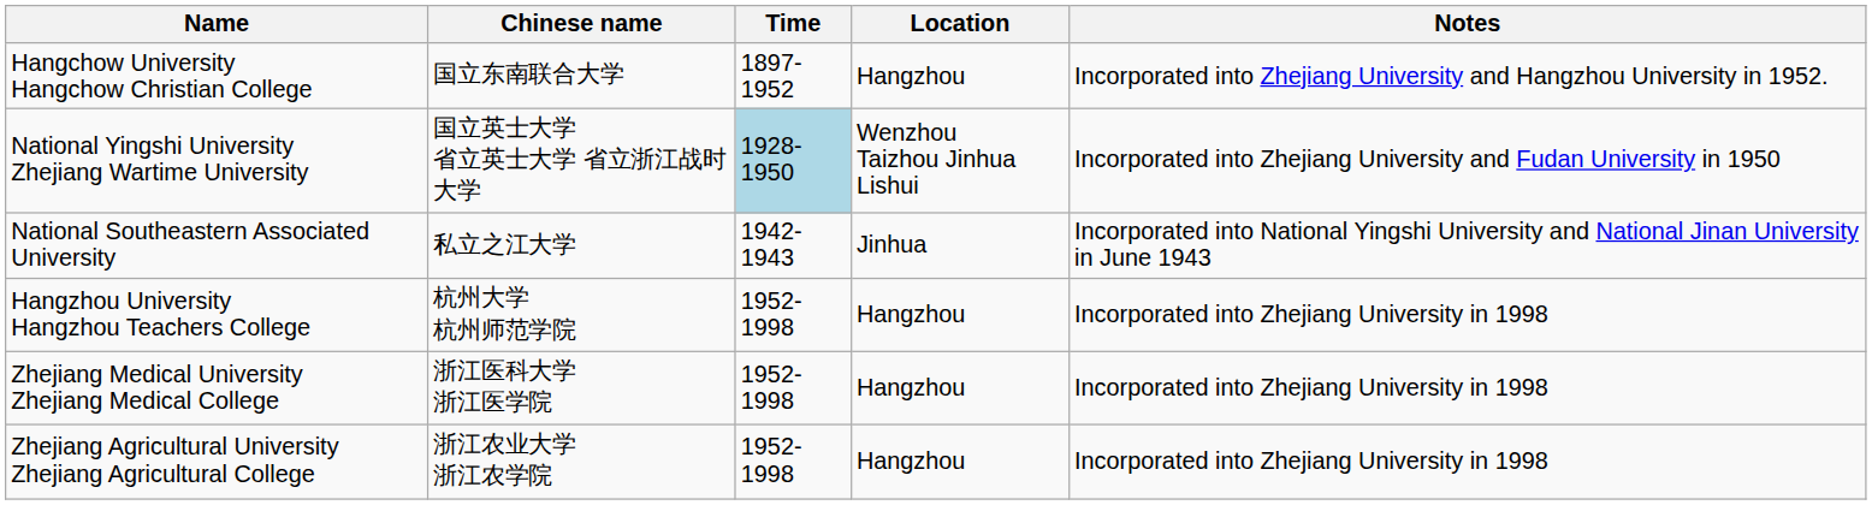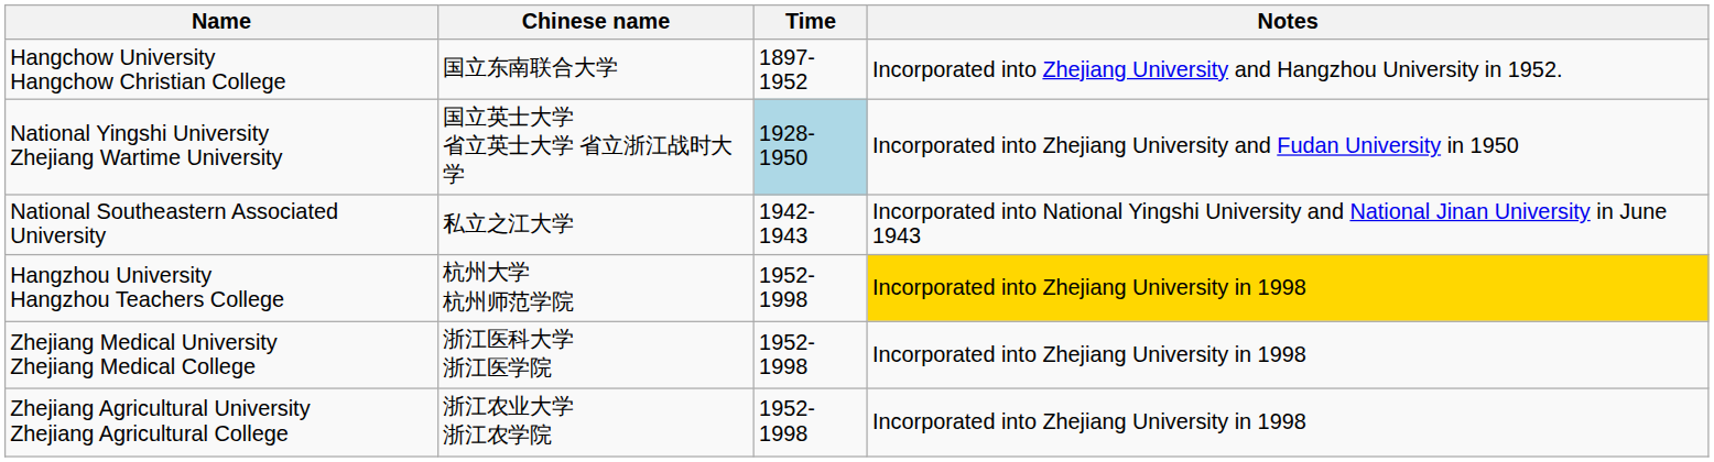 <table class="wikitable + sortable">
 <tr>
 <th>Name</th>
 <th>Chinese name</th>
 <th>Time</th>
-<th>Location</th>
 <th>Notes</th>
 </tr>
 <tr>
 <td>Hangchow University<br>Hangchow Christian College</td>
 <td>国立东南联合大学</td>
 <td>1897-1952</td>
-<td>Hangzhou</td>
 <td>Incorporated into <a href='#'>Zhejiang University</a> and Hangzhou University in 1952.</td>
 </tr>
 <tr>
 <td>National Yingshi University<br>Zhejiang Wartime University</td>
 <td>国立英士大学<br>省立英士大学 省立浙江战时大学</td>
 <td style="background: lightblue;">1928-1950</td>
-<td>Wenzhou<br>Taizhou Jinhua Lishui</td>
 <td>Incorporated into Zhejiang University and <a href='#'>Fudan University</a> in 1950</td>
 </tr>
 <tr>
 <td>National Southeastern Associated University</td>
 <td>私立之江大学</td>
 <td>1942-1943</td>
-<td>Jinhua</td>
 <td>Incorporated into National Yingshi University and <a href='#'>National Jinan University</a> in June 1943</td>
 </tr>
 <tr>
 <td>Hangzhou University<br>Hangzhou Teachers College</td>
 <td>杭州大学<br>杭州师范学院</td>
 <td>1952-1998</td>
-<td>Hangzhou</td>
-<td>Incorporated into Zhejiang University in 1998</td>
+<td style="background: gold;">Incorporated into Zhejiang University in 1998</td>
 </tr>
 <tr>
 <td>Zhejiang Medical University<br>Zhejiang Medical College</td>
 <td>浙江医科大学<br>浙江医学院</td>
 <td>1952-1998</td>
-<td>Hangzhou</td>
 <td>Incorporated into Zhejiang University in 1998</td>
 </tr>
 <tr>
 <td>Zhejiang Agricultural University<br>Zhejiang Agricultural College</td>
 <td>浙江农业大学<br>浙江农学院</td>
 <td>1952-1998</td>
-<td>Hangzhou</td>
 <td>Incorporated into Zhejiang University in 1998</td>
 </tr>
 </table>
